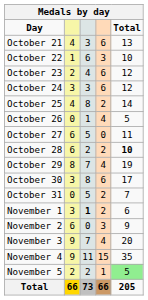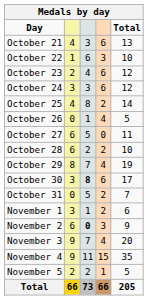 <table class="wikitable" style="font-size:85%; float:right">
 <tr align=center>
 <th colspan=5>Medals by day</th>
 </tr>
 <tr align=center>
 <td><strong>Day</strong></td>
 <td bgcolor=#f7f6a8></td>
 <td bgcolor=#dce5e5></td>
 <td bgcolor=#ffdab9></td>
 <td><strong>Total</strong></td>
 </tr>
 <tr align=center>
 <td>October 21</td>
 <td style="background:#f7f6a8;">4</td>
 <td style="background:#dce5e5;">3</td>
 <td style="background:#ffdab9;">6</td>
 <td>13</td>
 </tr>
 <tr align=center>
 <td>October 22</td>
 <td style="background:#f7f6a8;">1</td>
 <td style="background:#dce5e5;">6</td>
 <td style="background:#ffdab9;">3</td>
 <td>10</td>
 </tr>
 <tr align=center>
 <td>October 23</td>
 <td style="background:#f7f6a8;">2</td>
 <td style="background:#dce5e5;">4</td>
 <td style="background:#ffdab9;">6</td>
 <td>12</td>
 </tr>
 <tr align=center>
 <td>October 24</td>
 <td style="background:#f7f6a8;">3</td>
 <td style="background:#dce5e5;">3</td>
 <td style="background:#ffdab9;">6</td>
 <td>12</td>
 </tr>
 <tr align=center>
 <td>October 25</td>
 <td style="background:#f7f6a8;">4</td>
 <td style="background:#dce5e5;">8</td>
 <td style="background:#ffdab9;">2</td>
 <td>14</td>
 </tr>
 <tr align=center>
 <td>October 26</td>
 <td style="background:#f7f6a8;">0</td>
 <td style="background:#dce5e5;">1</td>
 <td style="background:#ffdab9;">4</td>
 <td>5</td>
 </tr>
 <tr align=center>
 <td>October 27</td>
 <td style="background:#f7f6a8;">6</td>
 <td style="background:#dce5e5;">5</td>
 <td style="background:#ffdab9;">0</td>
 <td>11</td>
 </tr>
 <tr align=center>
 <td>October 28</td>
 <td style="background:#f7f6a8;">6</td>
 <td style="background:#dce5e5;">2</td>
 <td style="background:#ffdab9;">2</td>
-<td><strong>10</strong></td>
+<td>10</td>
 </tr>
 <tr align=center>
 <td>October 29</td>
 <td style="background:#f7f6a8;">8</td>
 <td style="background:#dce5e5;">7</td>
 <td style="background:#ffdab9;">4</td>
 <td>19</td>
 </tr>
 <tr align=center>
 <td>October 30</td>
 <td style="background:#f7f6a8;">3</td>
-<td style="background:#dce5e5;">8</td>
+<td style="background:#dce5e5;"><strong>8</strong></td>
 <td style="background:#ffdab9;">6</td>
 <td>17</td>
 </tr>
 <tr align=center>
 <td>October 31</td>
 <td style="background:#f7f6a8;">0</td>
 <td style="background:#dce5e5;">5</td>
 <td style="background:#ffdab9;">2</td>
 <td>7</td>
 </tr>
 <tr align=center>
 <td>November 1</td>
 <td style="background:#f7f6a8;">3</td>
-<td style="background:#dce5e5;"><strong>1</strong></td>
+<td style="background:#dce5e5;">1</td>
 <td style="background:#ffdab9;">2</td>
 <td>6</td>
 </tr>
 <tr align=center>
 <td>November 2</td>
 <td style="background:#f7f6a8;">6</td>
-<td style="background:#dce5e5;">0</td>
+<td style="background:#dce5e5;"><strong>0</strong></td>
 <td style="background:#ffdab9;">3</td>
 <td>9</td>
 </tr>
 <tr align=center>
 <td>November 3</td>
 <td style="background:#f7f6a8;">9</td>
 <td style="background:#dce5e5;">7</td>
 <td style="background:#ffdab9;">4</td>
 <td>20</td>
 </tr>
 <tr align=center>
 <td>November 4</td>
 <td style="background:#f7f6a8;">9</td>
 <td style="background:#dce5e5;">11</td>
 <td style="background:#ffdab9;">15</td>
 <td>35</td>
 </tr>
 <tr align=center>
 <td>November 5</td>
 <td style="background:#f7f6a8;">2</td>
 <td style="background:#dce5e5;">2</td>
 <td style="background:#ffdab9;">1</td>
-<td style="background: lightgreen;">5</td>
+<td>5</td>
 </tr>
 <tr align=center>
 <th>Total</th>
 <th style="background:gold;">66</th>
 <th style="background:silver;">73</th>
 <th style="background:#c96;">66</th>
 <td><strong>205</strong></td>
 </tr>
 </table>
